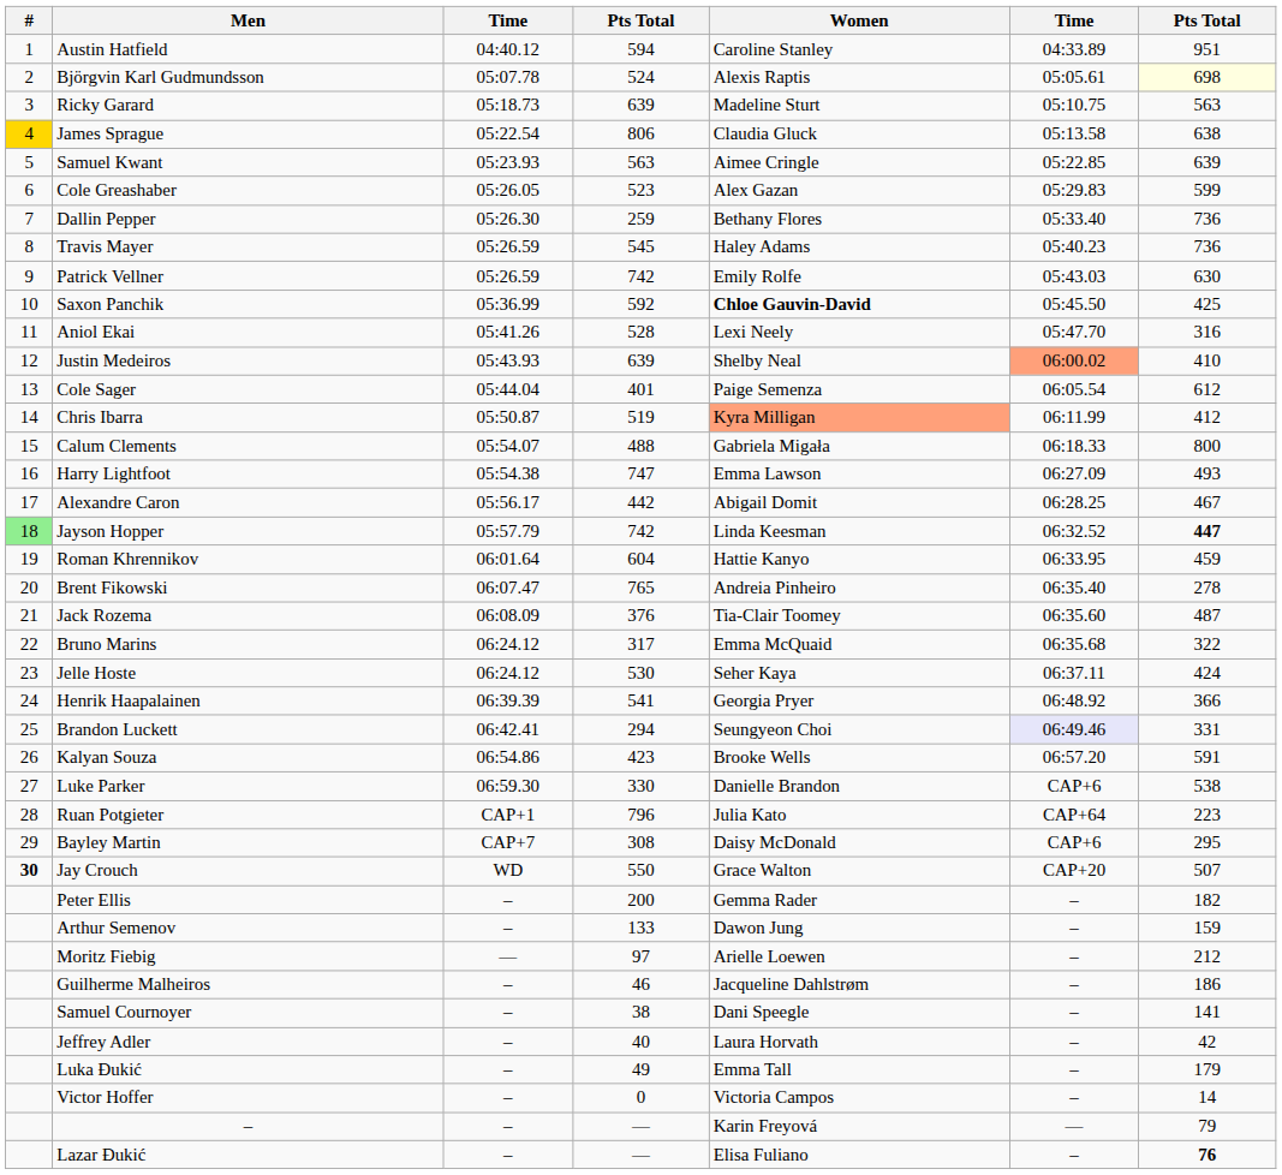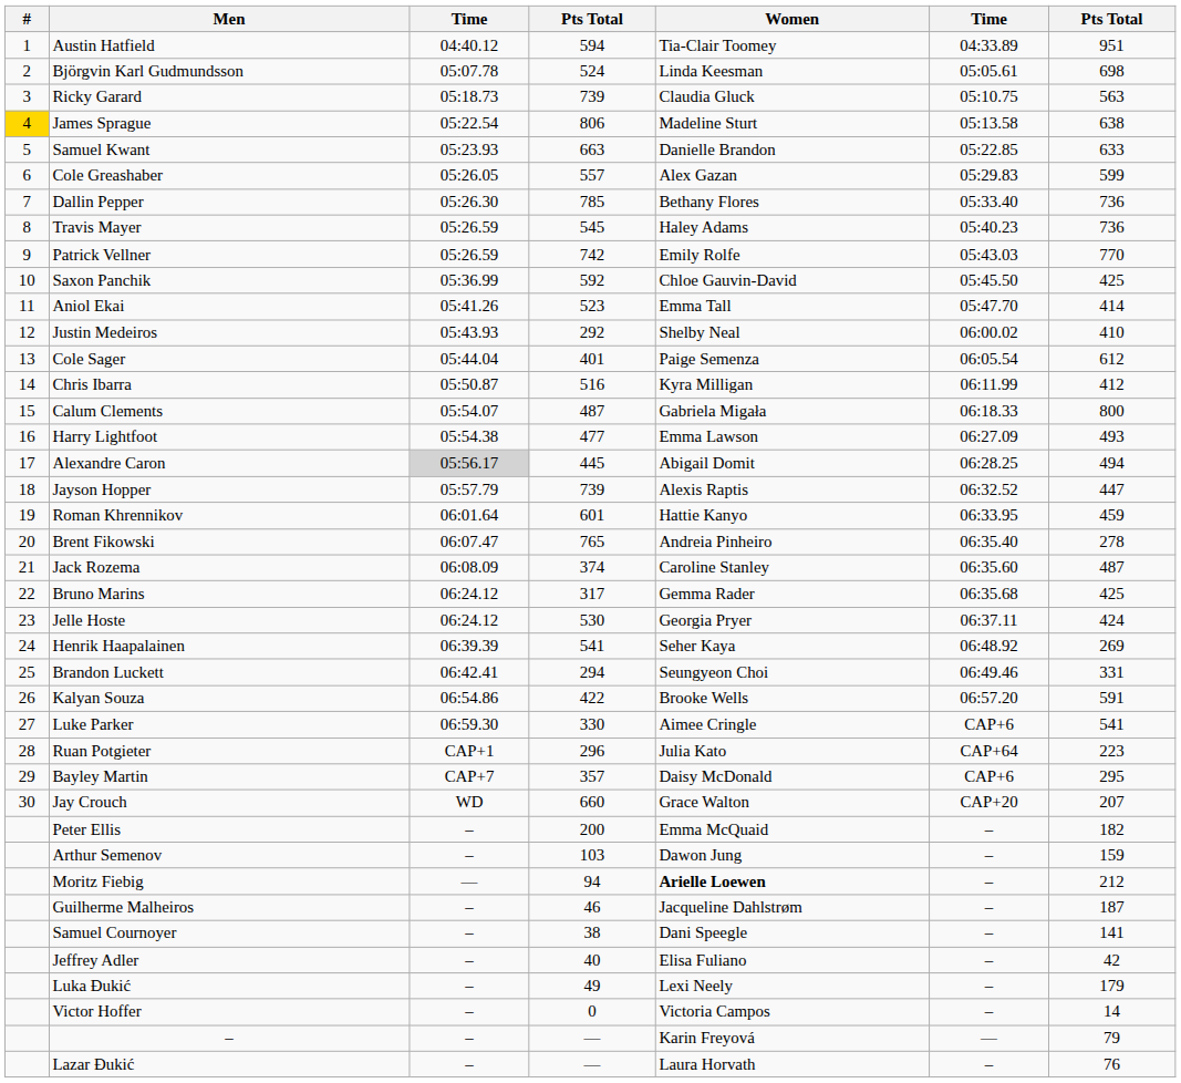 <table class="wikitable sortable" style="display: inline-table;width: 90%; text-align:center">
 <tr>
 <th>#</th>
 <th>Men</th>
 <th>Time</th>
 <th>Pts Total</th>
 <th>Women</th>
 <th>Time</th>
 <th>Pts Total</th>
 </tr>
 <tr>
 <td>1</td>
 <td align=left> Austin Hatfield</td>
 <td>04:40.12</td>
 <td>594</td>
-<td align=left> Caroline Stanley</td>
+<td align=left> Tia-Clair Toomey</td>
 <td>04:33.89</td>
 <td>951</td>
 </tr>
 <tr>
 <td>2</td>
 <td align=left> Björgvin Karl Gudmundsson</td>
 <td>05:07.78</td>
 <td>524</td>
-<td align=left> Alexis Raptis</td>
+<td align=left> Linda Keesman</td>
 <td>05:05.61</td>
-<td style="background: lightyellow;">698</td>
+<td>698</td>
 </tr>
 <tr>
 <td>3</td>
 <td align=left> Ricky Garard</td>
 <td>05:18.73</td>
-<td>639</td>
-<td align=left> Madeline Sturt</td>
+<td>739</td>
+<td align=left> Claudia Gluck</td>
 <td>05:10.75</td>
 <td>563</td>
 </tr>
 <tr>
 <td style="background: gold;">4</td>
 <td align=left> James Sprague</td>
 <td>05:22.54</td>
 <td>806</td>
-<td align=left> Claudia Gluck</td>
+<td align=left> Madeline Sturt</td>
 <td>05:13.58</td>
 <td>638</td>
 </tr>
 <tr>
 <td>5</td>
 <td align=left> Samuel Kwant</td>
 <td>05:23.93</td>
-<td>563</td>
-<td align=left> Aimee Cringle</td>
+<td>663</td>
+<td align=left> Danielle Brandon</td>
 <td>05:22.85</td>
-<td>639</td>
+<td>633</td>
 </tr>
 <tr>
 <td>6</td>
 <td align=left> Cole Greashaber</td>
 <td>05:26.05</td>
-<td>523</td>
+<td>557</td>
 <td align=left> Alex Gazan</td>
 <td>05:29.83</td>
 <td>599</td>
 </tr>
 <tr>
 <td>7</td>
 <td align=left> Dallin Pepper</td>
 <td>05:26.30</td>
-<td>259</td>
+<td>785</td>
 <td align=left> Bethany Flores</td>
 <td>05:33.40</td>
 <td>736</td>
 </tr>
 <tr>
 <td>8</td>
 <td align=left> Travis Mayer</td>
 <td>05:26.59</td>
 <td>545</td>
 <td align=left> Haley Adams</td>
 <td>05:40.23</td>
 <td>736</td>
 </tr>
 <tr>
 <td>9</td>
 <td align=left> Patrick Vellner</td>
 <td>05:26.59</td>
 <td>742</td>
 <td align=left> Emily Rolfe</td>
 <td>05:43.03</td>
-<td>630</td>
+<td>770</td>
 </tr>
 <tr>
 <td>10</td>
 <td align=left> Saxon Panchik</td>
 <td>05:36.99</td>
 <td>592</td>
-<td align=left><strong> Chloe Gauvin-David</strong></td>
+<td align=left> Chloe Gauvin-David</td>
 <td>05:45.50</td>
 <td>425</td>
 </tr>
 <tr>
 <td>11</td>
 <td align=left> Aniol Ekai</td>
 <td>05:41.26</td>
-<td>528</td>
-<td align=left> Lexi Neely</td>
+<td>523</td>
+<td align=left> Emma Tall</td>
 <td>05:47.70</td>
-<td>316</td>
+<td>414</td>
 </tr>
 <tr>
 <td>12</td>
 <td align=left> Justin Medeiros</td>
 <td>05:43.93</td>
-<td>639</td>
+<td>292</td>
 <td align=left> Shelby Neal</td>
-<td style="background: lightsalmon;">06:00.02</td>
+<td>06:00.02</td>
 <td>410</td>
 </tr>
 <tr>
 <td>13</td>
 <td align=left> Cole Sager</td>
 <td>05:44.04</td>
 <td>401</td>
 <td align=left> Paige Semenza</td>
 <td>06:05.54</td>
 <td>612</td>
 </tr>
 <tr>
 <td>14</td>
 <td align=left> Chris Ibarra</td>
 <td>05:50.87</td>
-<td>519</td>
-<td align=left style="background: lightsalmon;"> Kyra Milligan</td>
+<td>516</td>
+<td align=left> Kyra Milligan</td>
 <td>06:11.99</td>
 <td>412</td>
 </tr>
 <tr>
 <td>15</td>
 <td align=left> Calum Clements</td>
 <td>05:54.07</td>
-<td>488</td>
+<td>487</td>
 <td align=left> Gabriela Migała</td>
 <td>06:18.33</td>
 <td>800</td>
 </tr>
 <tr>
 <td>16</td>
 <td align=left> Harry Lightfoot</td>
 <td>05:54.38</td>
-<td>747</td>
+<td>477</td>
 <td align=left> Emma Lawson</td>
 <td>06:27.09</td>
 <td>493</td>
 </tr>
 <tr>
 <td>17</td>
 <td align=left> Alexandre Caron</td>
-<td>05:56.17</td>
-<td>442</td>
+<td style="background: lightgrey;">05:56.17</td>
+<td>445</td>
 <td align=left> Abigail Domit</td>
 <td>06:28.25</td>
-<td>467</td>
+<td>494</td>
 </tr>
 <tr>
-<td style="background: lightgreen;">18</td>
+<td>18</td>
 <td align=left> Jayson Hopper</td>
 <td>05:57.79</td>
-<td>742</td>
-<td align=left> Linda Keesman</td>
+<td>739</td>
+<td align=left> Alexis Raptis</td>
 <td>06:32.52</td>
-<td><strong>447</strong></td>
+<td>447</td>
 </tr>
 <tr>
 <td>19</td>
 <td align=left> Roman Khrennikov</td>
 <td>06:01.64</td>
-<td>604</td>
+<td>601</td>
 <td align=left> Hattie Kanyo</td>
 <td>06:33.95</td>
 <td>459</td>
 </tr>
 <tr>
 <td>20</td>
 <td align=left> Brent Fikowski</td>
 <td>06:07.47</td>
 <td>765</td>
 <td align=left> Andreia Pinheiro</td>
 <td>06:35.40</td>
 <td>278</td>
 </tr>
 <tr>
 <td>21</td>
 <td align=left> Jack Rozema</td>
 <td>06:08.09</td>
-<td>376</td>
-<td align=left> Tia-Clair Toomey</td>
+<td>374</td>
+<td align=left> Caroline Stanley</td>
 <td>06:35.60</td>
 <td>487</td>
 </tr>
 <tr>
 <td>22</td>
 <td align=left> Bruno Marins</td>
 <td>06:24.12</td>
 <td>317</td>
-<td align=left> Emma McQuaid</td>
+<td align=left> Gemma Rader</td>
 <td>06:35.68</td>
-<td>322</td>
+<td>425</td>
 </tr>
 <tr>
 <td>23</td>
 <td align=left> Jelle Hoste</td>
 <td>06:24.12</td>
 <td>530</td>
-<td align=left> Seher Kaya</td>
+<td align=left> Georgia Pryer</td>
 <td>06:37.11</td>
 <td>424</td>
 </tr>
 <tr>
 <td>24</td>
 <td align=left> Henrik Haapalainen</td>
 <td>06:39.39</td>
 <td>541</td>
-<td align=left> Georgia Pryer</td>
+<td align=left> Seher Kaya</td>
 <td>06:48.92</td>
-<td>366</td>
+<td>269</td>
 </tr>
 <tr>
 <td>25</td>
 <td align=left> Brandon Luckett</td>
 <td>06:42.41</td>
 <td>294</td>
 <td align=left> Seungyeon Choi</td>
-<td style="background: lavender;">06:49.46</td>
+<td>06:49.46</td>
 <td>331</td>
 </tr>
 <tr>
 <td>26</td>
 <td align=left> Kalyan Souza</td>
 <td>06:54.86</td>
-<td>423</td>
+<td>422</td>
 <td align=left> Brooke Wells</td>
 <td>06:57.20</td>
 <td>591</td>
 </tr>
 <tr>
 <td>27</td>
 <td align=left> Luke Parker</td>
 <td>06:59.30</td>
 <td>330</td>
-<td align=left> Danielle Brandon</td>
+<td align=left> Aimee Cringle</td>
 <td>CAP+6</td>
-<td>538</td>
+<td>541</td>
 </tr>
 <tr>
 <td>28</td>
 <td align=left> Ruan Potgieter</td>
 <td>CAP+1</td>
-<td>796</td>
+<td>296</td>
 <td align=left> Julia Kato</td>
 <td>CAP+64</td>
 <td>223</td>
 </tr>
 <tr>
 <td>29</td>
 <td align=left> Bayley Martin</td>
 <td>CAP+7</td>
-<td>308</td>
+<td>357</td>
 <td align=left> Daisy McDonald</td>
 <td>CAP+6</td>
 <td>295</td>
 </tr>
 <tr>
-<td><strong>30</strong></td>
+<td>30</td>
 <td align=left> Jay Crouch</td>
 <td>WD</td>
-<td>550</td>
+<td>660</td>
 <td align=left> Grace Walton</td>
 <td>CAP+20</td>
-<td>507</td>
+<td>207</td>
 </tr>
 <tr>
 <td></td>
 <td align=left> Peter Ellis</td>
 <td>–</td>
 <td>200</td>
-<td align=left> Gemma Rader</td>
+<td align=left> Emma McQuaid</td>
 <td>–</td>
 <td>182</td>
 </tr>
 <tr>
 <td></td>
 <td align=left> Arthur Semenov</td>
 <td>–</td>
-<td>133</td>
+<td>103</td>
 <td align=left> Dawon Jung</td>
 <td>–</td>
 <td>159</td>
 </tr>
 <tr>
 <td></td>
 <td align=left> Moritz Fiebig</td>
 <td>—</td>
-<td>97</td>
-<td align=left> Arielle Loewen</td>
+<td>94</td>
+<td align=left><strong> Arielle Loewen</strong></td>
 <td>–</td>
 <td>212</td>
 </tr>
 <tr>
 <td></td>
 <td align=left> Guilherme Malheiros</td>
 <td>–</td>
 <td>46</td>
 <td align=left> Jacqueline Dahlstrøm</td>
 <td>–</td>
-<td>186</td>
+<td>187</td>
 </tr>
 <tr>
 <td></td>
 <td align=left> Samuel Cournoyer</td>
 <td>–</td>
 <td>38</td>
 <td align=left> Dani Speegle</td>
 <td>–</td>
 <td>141</td>
 </tr>
 <tr>
 <td></td>
 <td align=left> Jeffrey Adler</td>
 <td>–</td>
 <td>40</td>
-<td align=left> Laura Horvath</td>
+<td align=left> Elisa Fuliano</td>
 <td>–</td>
 <td>42</td>
 </tr>
 <tr>
 <td></td>
 <td align=left> Luka Đukić</td>
 <td>–</td>
 <td>49</td>
-<td align=left> Emma Tall</td>
+<td align=left> Lexi Neely</td>
 <td>–</td>
 <td>179</td>
 </tr>
 <tr>
 <td></td>
 <td align=left> Victor Hoffer</td>
 <td>–</td>
 <td>0</td>
 <td align=left> Victoria Campos</td>
 <td>–</td>
 <td>14</td>
 </tr>
 <tr>
 <td></td>
 <td>–</td>
 <td>–</td>
 <td>—</td>
 <td align=left> Karin Freyová</td>
 <td>—</td>
 <td>79</td>
 </tr>
 <tr>
 <td></td>
 <td align=left> Lazar Đukić</td>
 <td>–</td>
 <td>—</td>
-<td align=left> Elisa Fuliano</td>
+<td align=left> Laura Horvath</td>
 <td>–</td>
-<td><strong>76</strong></td>
+<td>76</td>
 </tr>
 </table>
